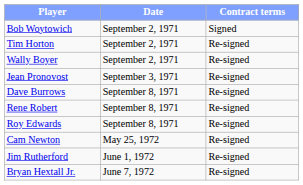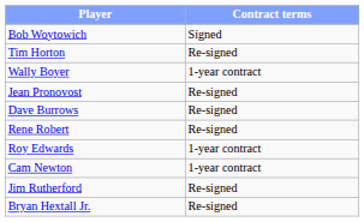 <table class="wikitable" style="width:75%;">
 <tr style="text-align:center; background:#ddd;">
 <th style="color:white; background:#80A0FF; ">Player</th>
-<th style="color:white; background:#80A0FF; ">Date</th>
 <th style="color:white; background:#80A0FF; ">Contract terms</th>
 </tr>
 <tr>
 <td><a href='#'>Bob Woytowich</a></td>
-<td>September 2, 1971</td>
 <td>Signed</td>
 </tr>
 <tr>
 <td><a href='#'>Tim Horton</a></td>
-<td>September 2, 1971</td>
 <td>Re-signed</td>
 </tr>
 <tr>
 <td><a href='#'>Wally Boyer</a></td>
-<td>September 2, 1971</td>
-<td>Re-signed</td>
+<td>1-year contract</td>
 </tr>
 <tr>
 <td><a href='#'>Jean Pronovost</a></td>
-<td>September 3, 1971</td>
 <td>Re-signed</td>
 </tr>
 <tr>
 <td><a href='#'>Dave Burrows</a></td>
-<td>September 8, 1971</td>
 <td>Re-signed</td>
 </tr>
 <tr>
 <td><a href='#'>Rene Robert</a></td>
-<td>September 8, 1971</td>
 <td>Re-signed</td>
 </tr>
 <tr>
 <td><a href='#'>Roy Edwards</a></td>
-<td>September 8, 1971</td>
-<td>Re-signed</td>
+<td>1-year contract</td>
 </tr>
 <tr>
 <td><a href='#'>Cam Newton</a></td>
-<td>May 25, 1972</td>
-<td>Re-signed</td>
+<td>1-year contract</td>
 </tr>
 <tr>
 <td><a href='#'>Jim Rutherford</a></td>
-<td>June 1, 1972</td>
 <td>Re-signed</td>
 </tr>
 <tr>
 <td><a href='#'>Bryan Hextall Jr.</a></td>
-<td>June 7, 1972</td>
 <td>Re-signed</td>
 </tr>
 </table>
